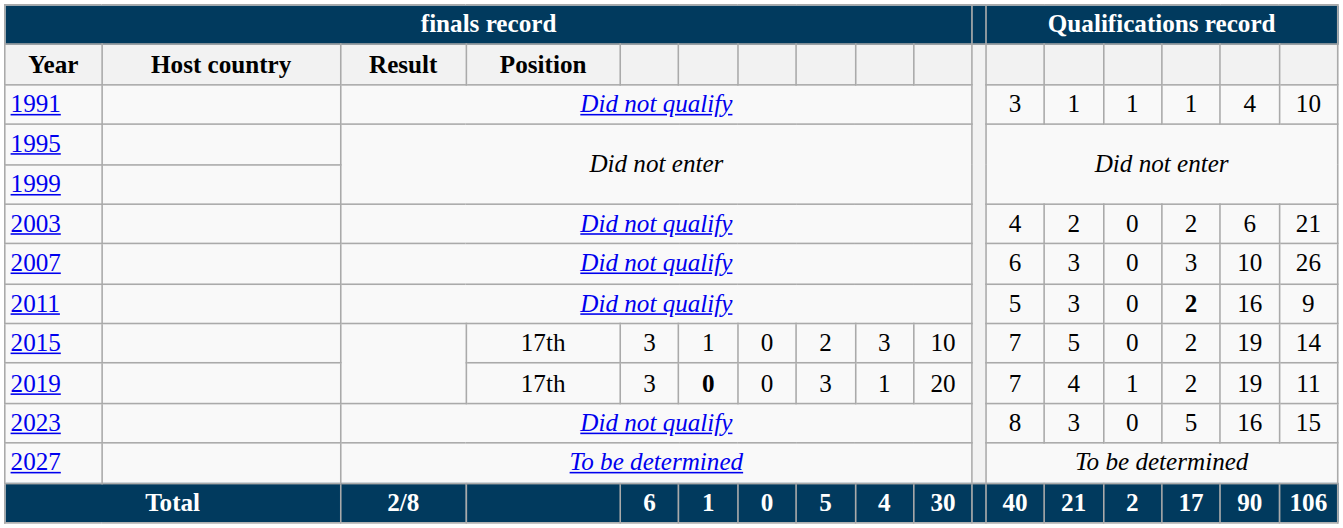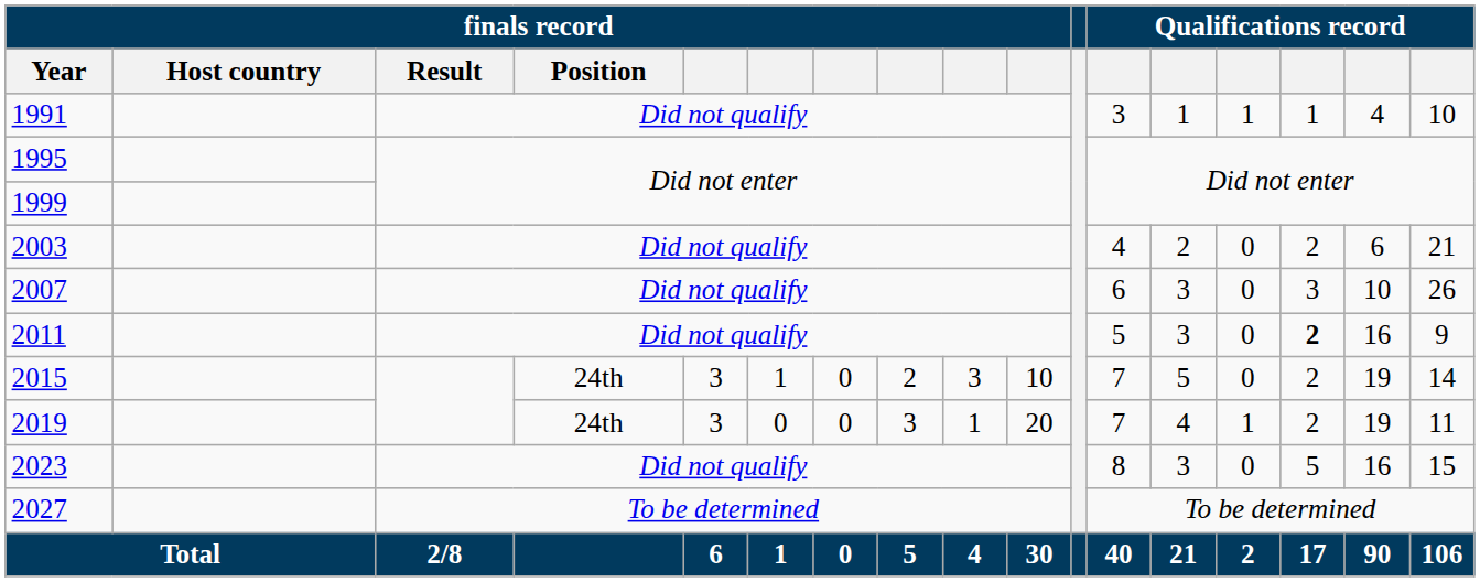 <table class="wikitable" style="text-align: center; width: 850px;">
 <tr>
 <th colspan=10 style="background: #013A5E; color: #FFFFFF;"><a href='#'></a> finals record</th>
 <th style="background: #013A5E; color: #FFFFFF;"></th>
 <th colspan=6 style="background: #013A5E; color: #FFFFFF;">Qualifications record</th>
 </tr>
 <tr>
 <th>Year</th>
 <th>Host country</th>
 <th>Result</th>
 <th>Position</th>
 <th width=30></th>
 <th width=30></th>
 <th width=30></th>
 <th width=30></th>
 <th width=30></th>
 <th width=30></th>
 <th style="width:1%;" rowspan="11"></th>
 <th width=30></th>
 <th width=30></th>
 <th width=30></th>
 <th width=30></th>
 <th width=30></th>
 <th width=30></th>
 </tr>
 <tr>
 <td style="text-align: left;"><a href='#'>1991</a></td>
 <td style="text-align: left;"></td>
 <td rowspan="1" colspan="8"><em><a href='#'>Did not qualify</a></em></td>
 <td>3</td>
 <td>1</td>
 <td>1</td>
 <td>1</td>
 <td>4</td>
 <td>10</td>
 </tr>
 <tr>
 <td style="text-align: left;"><a href='#'>1995</a></td>
 <td style="text-align: left;"></td>
 <td rowspan="2" colspan="8"><em>Did not enter</em></td>
 <td rowspan="2" colspan="6"><em>Did not enter</em></td>
 </tr>
 <tr>
 <td style="text-align: left;"><a href='#'>1999</a></td>
 <td style="text-align: left;"></td>
 </tr>
 <tr>
 <td style="text-align: left;"><a href='#'>2003</a></td>
 <td style="text-align: left;"></td>
 <td rowspan="1" colspan="8"><em><a href='#'>Did not qualify</a></em></td>
 <td>4</td>
 <td>2</td>
 <td>0</td>
 <td>2</td>
 <td>6</td>
 <td>21</td>
 </tr>
 <tr>
 <td style="text-align: left;"><a href='#'>2007</a></td>
 <td style="text-align: left;"></td>
 <td rowspan="1" colspan="8"><em><a href='#'>Did not qualify</a></em></td>
 <td>6</td>
 <td>3</td>
 <td>0</td>
 <td>3</td>
 <td>10</td>
 <td>26</td>
 </tr>
 <tr>
 <td style="text-align: left;"><a href='#'>2011</a></td>
 <td style="text-align: left;"></td>
 <td rowspan="1" colspan="8"><em><a href='#'>Did not qualify</a></em></td>
 <td>5</td>
 <td>3</td>
 <td>0</td>
 <td><strong>2</strong></td>
 <td>16</td>
 <td>9</td>
 </tr>
 <tr>
 <td style="text-align: left;"><a href='#'>2015</a></td>
 <td style="text-align: left;"></td>
 <td rowspan=2></td>
-<td>17th</td>
+<td>24th</td>
 <td>3</td>
 <td>1</td>
 <td>0</td>
 <td>2</td>
 <td>3</td>
 <td>10</td>
 <td>7</td>
 <td>5</td>
 <td>0</td>
 <td>2</td>
 <td>19</td>
 <td>14</td>
 </tr>
 <tr>
 <td style="text-align: left;"><a href='#'>2019</a></td>
 <td style="text-align: left;"></td>
-<td>17th</td>
+<td>24th</td>
 <td>3</td>
-<td><strong>0</strong></td>
+<td>0</td>
 <td>0</td>
 <td>3</td>
 <td>1</td>
 <td>20</td>
 <td>7</td>
 <td>4</td>
 <td>1</td>
 <td>2</td>
 <td>19</td>
 <td>11</td>
 </tr>
 <tr>
 <td style="text-align: left;"><a href='#'>2023</a></td>
 <td style="text-align: left;"><br></td>
 <td rowspan="1" colspan="8"><em><a href='#'>Did not qualify</a></em></td>
 <td>8</td>
 <td>3</td>
 <td>0</td>
 <td>5</td>
 <td>16</td>
 <td>15</td>
 </tr>
 <tr>
 <td style="text-align: left;"><a href='#'>2027</a></td>
 <td style="text-align: left;"></td>
 <td rowspan="1" colspan="8"><em><a href='#'>To be determined</a></em></td>
 <td rowspan="1" colspan="6"><em>To be determined</em></td>
 </tr>
 <tr>
 <td colspan=2 style="background: #013A5E; color: #FFFFFF;"><strong>Total</strong></td>
 <td style="background: #013A5E; color: #FFFFFF;"><strong>2/8</strong></td>
 <td style="background: #013A5E; color: #FFFFFF;"><strong></strong></td>
 <td style="background: #013A5E; color: #FFFFFF;"><strong>6</strong></td>
 <td style="background: #013A5E; color: #FFFFFF;"><strong>1</strong></td>
 <td style="background: #013A5E; color: #FFFFFF;"><strong>0</strong></td>
 <td style="background: #013A5E; color: #FFFFFF;"><strong>5</strong></td>
 <td style="background: #013A5E; color: #FFFFFF;"><strong>4</strong></td>
 <td style="background: #013A5E; color: #FFFFFF;"><strong>30</strong></td>
 <td style="background: #013A5E; color: #FFFFFF;"></td>
 <td style="background: #013A5E; color: #FFFFFF;"><strong>40</strong></td>
 <td style="background: #013A5E; color: #FFFFFF;"><strong>21</strong></td>
 <td style="background: #013A5E; color: #FFFFFF;"><strong>2</strong></td>
 <td style="background: #013A5E; color: #FFFFFF;"><strong>17</strong></td>
 <td style="background: #013A5E; color: #FFFFFF;"><strong>90</strong></td>
 <td style="background: #013A5E; color: #FFFFFF;"><strong>106</strong></td>
 </tr>
 </table>
